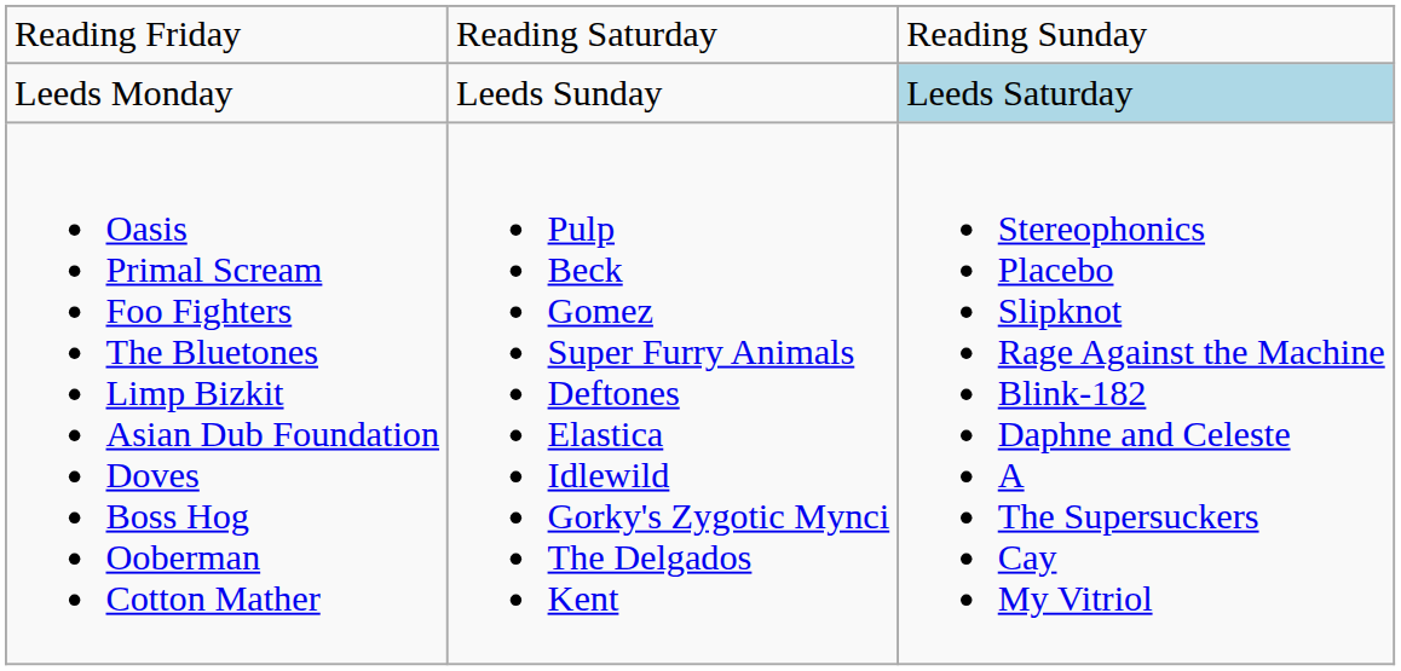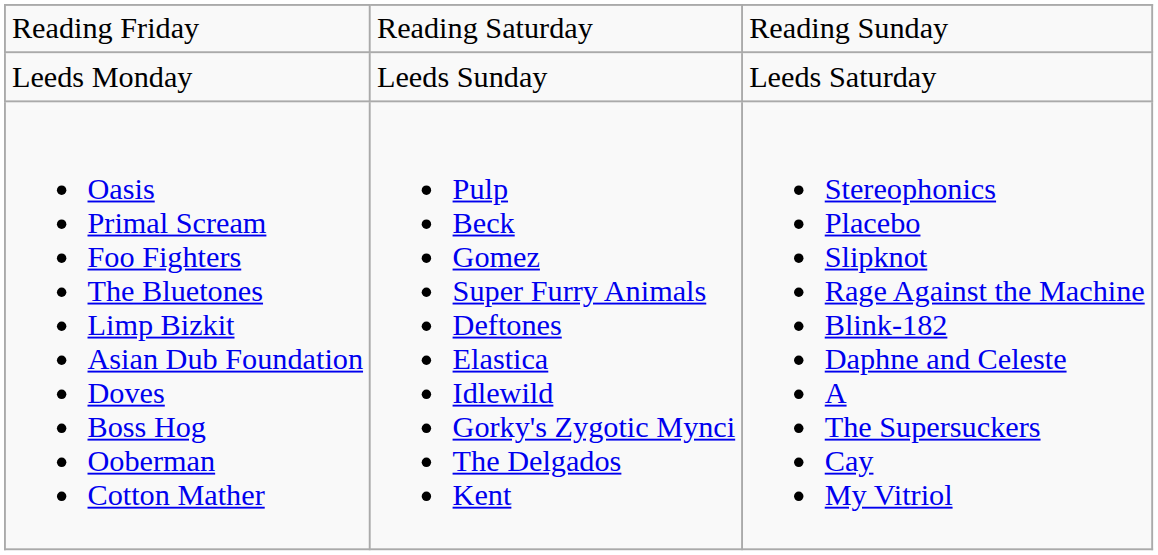 <table class="wikitable">
 <tr>
 <td>Reading Friday</td>
 <td>Reading Saturday</td>
 <td>Reading Sunday</td>
 </tr>
 <tr>
 <td>Leeds Monday</td>
 <td>Leeds Sunday</td>
-<td style="background: lightblue;">Leeds Saturday</td>
+<td>Leeds Saturday</td>
 </tr>
 <tr>
 <td><br><ul><li><a href='#'>Oasis</a></li><li><a href='#'>Primal Scream</a></li><li><a href='#'>Foo Fighters</a></li><li><a href='#'>The Bluetones</a></li><li><a href='#'>Limp Bizkit</a></li><li><a href='#'>Asian Dub Foundation</a></li><li><a href='#'>Doves</a></li><li><a href='#'>Boss Hog</a></li><li><a href='#'>Ooberman</a></li><li><a href='#'>Cotton Mather</a></li></ul></td>
 <td><br><ul><li><a href='#'>Pulp</a></li><li><a href='#'>Beck</a></li><li><a href='#'>Gomez</a></li><li><a href='#'>Super Furry Animals</a></li><li><a href='#'>Deftones</a></li><li><a href='#'>Elastica</a></li><li><a href='#'>Idlewild</a></li><li><a href='#'>Gorky's Zygotic Mynci</a></li><li><a href='#'>The Delgados</a></li><li><a href='#'>Kent</a></li></ul></td>
 <td><br><ul><li><a href='#'>Stereophonics</a></li><li><a href='#'>Placebo</a></li><li><a href='#'>Slipknot</a></li><li><a href='#'>Rage Against the Machine</a></li><li><a href='#'>Blink-182</a></li><li><a href='#'>Daphne and Celeste</a></li><li><a href='#'>A</a></li><li><a href='#'>The Supersuckers</a></li><li><a href='#'>Cay</a></li><li><a href='#'>My Vitriol</a></li></ul></td>
 </tr>
 </table>
